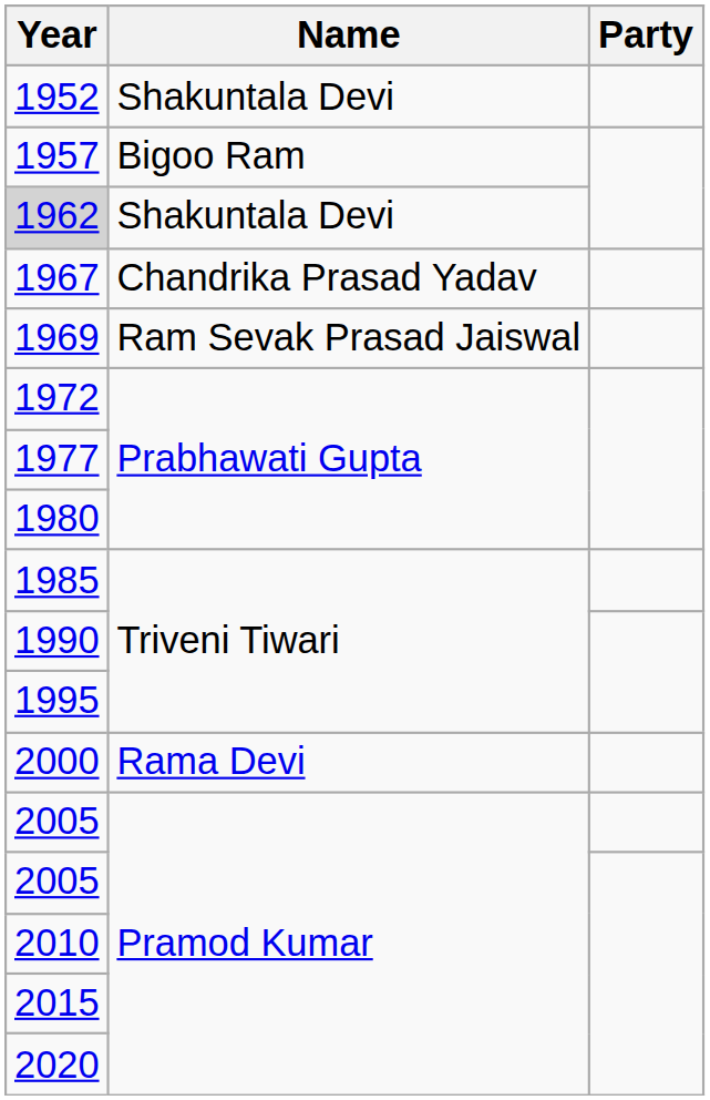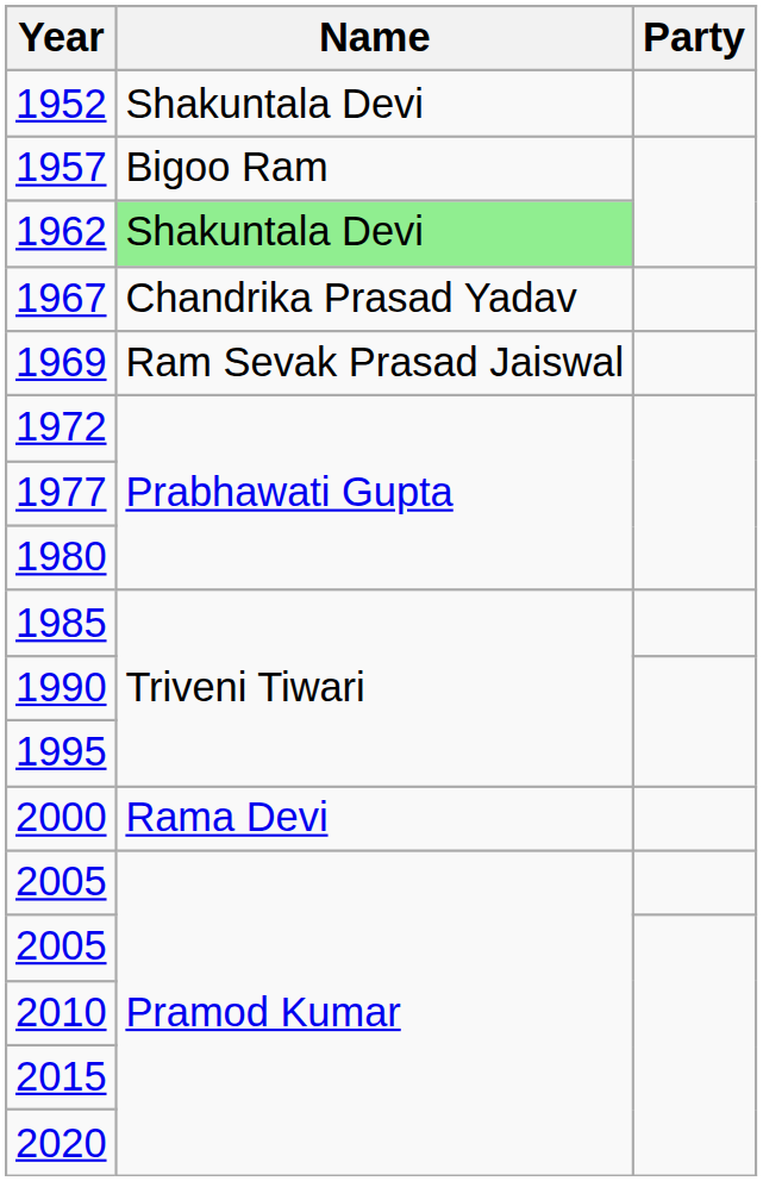 <table class="wikitable sortable">
 <tr>
 <th>Year</th>
 <th>Name</th>
 <th colspan="2">Party</th>
 </tr>
 <tr>
 <td><a href='#'>1952</a></td>
 <td>Shakuntala Devi</td>
 <td></td>
 </tr>
 <tr>
 <td><a href='#'>1957</a></td>
 <td>Bigoo Ram</td>
 </tr>
 <tr>
-<td style="background: lightgrey;"><a href='#'>1962</a></td>
-<td>Shakuntala Devi</td>
+<td><a href='#'>1962</a></td>
+<td style="background: lightgreen;">Shakuntala Devi</td>
 </tr>
 <tr>
 <td><a href='#'>1967</a></td>
 <td>Chandrika Prasad Yadav</td>
 <td></td>
 </tr>
 <tr>
 <td><a href='#'>1969</a></td>
 <td>Ram Sevak Prasad Jaiswal</td>
 <td></td>
 </tr>
 <tr>
 <td><a href='#'>1972</a></td>
 <td rowspan="3"><a href='#'>Prabhawati Gupta</a></td>
 </tr>
 <tr>
 <td><a href='#'>1977</a></td>
 </tr>
 <tr>
 <td><a href='#'>1980</a></td>
 </tr>
 <tr>
 <td><a href='#'>1985</a></td>
 <td rowspan="3">Triveni Tiwari</td>
 <td></td>
 </tr>
 <tr>
 <td><a href='#'>1990</a></td>
 </tr>
 <tr>
 <td><a href='#'>1995</a></td>
 </tr>
 <tr>
 <td><a href='#'>2000</a></td>
 <td><a href='#'>Rama Devi</a></td>
 <td></td>
 </tr>
 <tr>
 <td><a href='#'>2005</a></td>
 <td rowspan="5"><a href='#'>Pramod Kumar</a></td>
 <td></td>
 </tr>
 <tr>
 <td><a href='#'>2005</a></td>
 </tr>
 <tr>
 <td><a href='#'>2010</a></td>
 </tr>
 <tr>
 <td><a href='#'>2015</a></td>
 </tr>
 <tr>
 <td><a href='#'>2020</a></td>
 </tr>
 </table>
